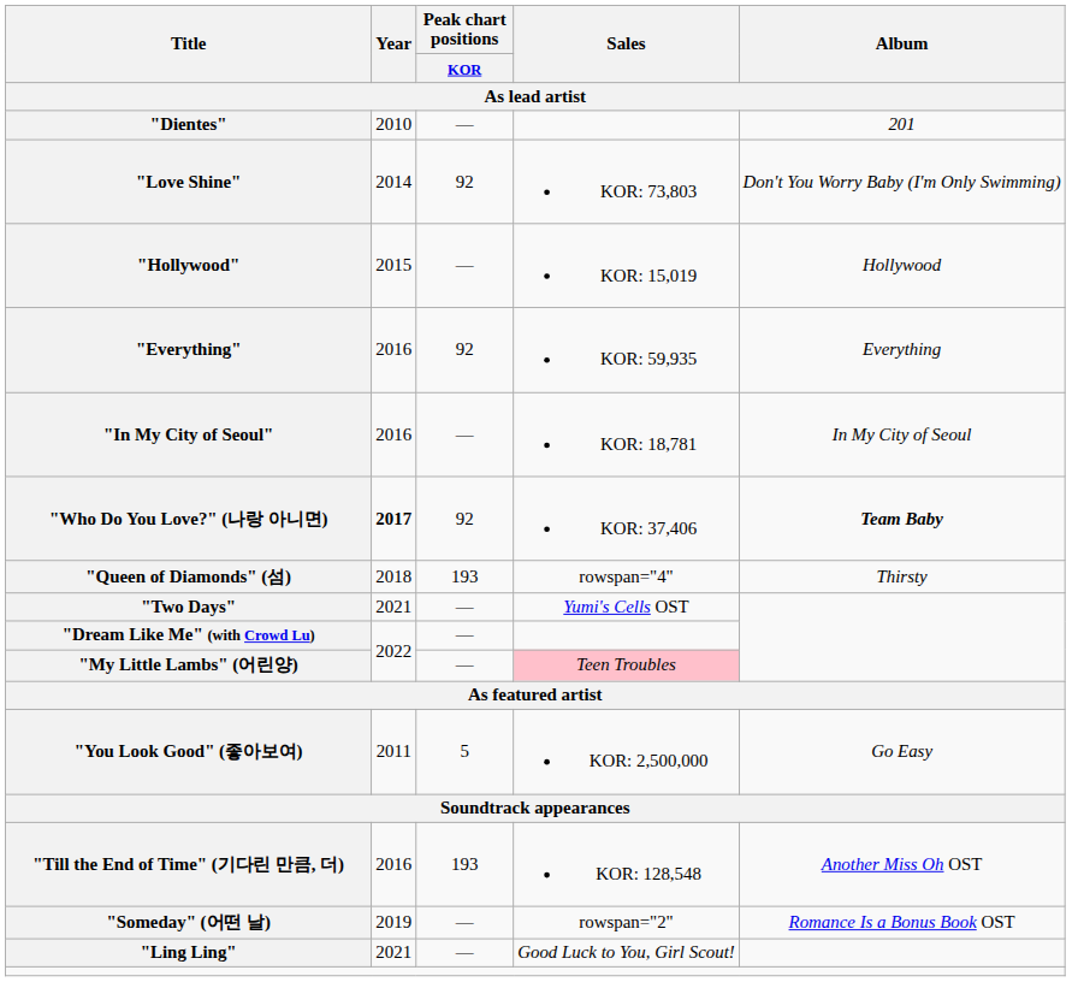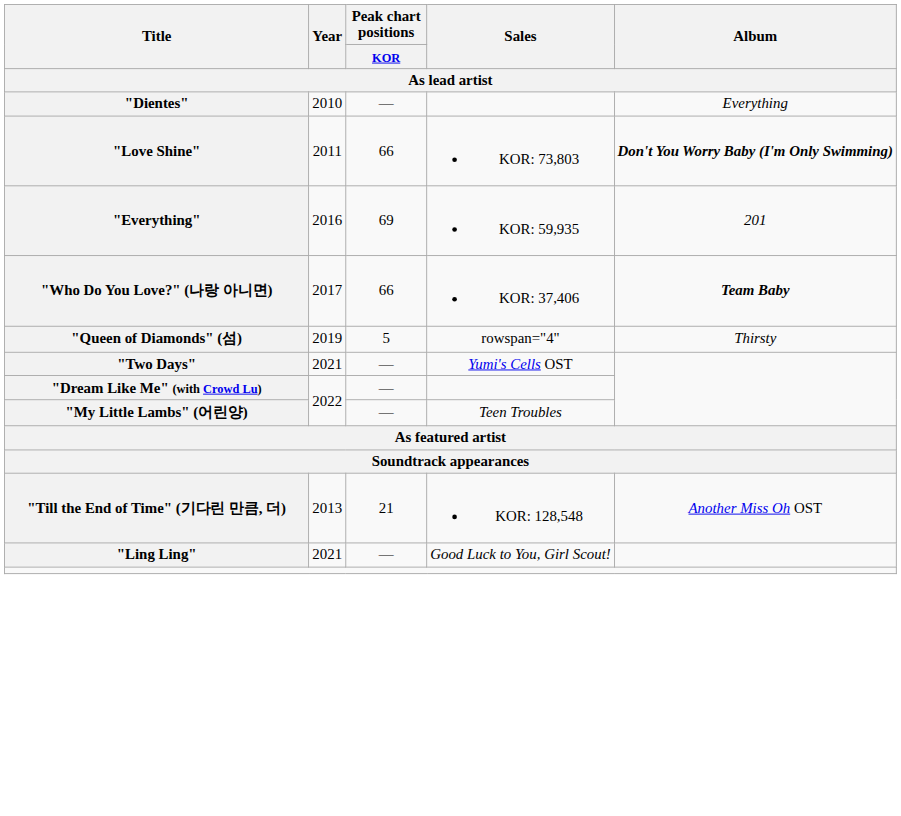 <table class="wikitable plainrowheaders" style="text-align:center;">
 <tr>
 <th scope="col" rowspan="2" style="width:20em;">Title</th>
 <th scope="col" rowspan="2">Year</th>
 <th scope="col" colspan="1" style="width:5em;">Peak chart positions</th>
 <th scope="col" rowspan="2">Sales</th>
 <th scope="col" rowspan="2">Album</th>
 </tr>
 <tr>
 <th><small><a href='#'>KOR</a></small><br></th>
 </tr>
 <tr>
 <th scope="col" colspan="5">As lead artist</th>
 </tr>
 <tr>
 <th scope="row">"Dientes"</th>
 <td>2010</td>
 <td>—</td>
 <td></td>
-<td><em>201</em></td>
+<td><em>Everything</em></td>
 </tr>
 <tr>
 <th scope="row">"Love Shine"</th>
-<td>2014</td>
-<td>92</td>
+<td>2011</td>
+<td>66</td>
 <td><br><ul><li>KOR: 73,803</li></ul></td>
-<td><em>Don't You Worry Baby (I'm Only Swimming)</em></td>
-</tr>
-<tr>
-<th scope="row">"Hollywood"</th>
-<td>2015</td>
-<td>—</td>
-<td><br><ul><li>KOR: 15,019</li></ul></td>
-<td><em>Hollywood</em></td>
+<td><strong><em>Don't You Worry Baby (I'm Only Swimming)</em></strong></td>
 </tr>
 <tr>
 <th scope="row">"Everything"</th>
 <td>2016</td>
-<td>92</td>
+<td>69</td>
 <td><br><ul><li>KOR: 59,935</li></ul></td>
-<td><em>Everything</em></td>
-</tr>
-<tr>
-<th scope="row">"In My City of Seoul"</th>
-<td>2016</td>
-<td>—</td>
-<td><br><ul><li>KOR: 18,781</li></ul></td>
-<td><em>In My City of Seoul</em></td>
+<td><em>201</em></td>
 </tr>
 <tr>
 <th scope="row">"Who Do You Love?" (나랑 아니면)</th>
-<td><strong>2017</strong></td>
-<td>92</td>
+<td>2017</td>
+<td>66</td>
 <td><br><ul><li>KOR: 37,406</li></ul></td>
 <td><strong><em>Team Baby</em></strong></td>
 </tr>
 <tr>
 <th scope="row">"Queen of Diamonds" (섬)</th>
-<td>2018</td>
-<td>193</td>
+<td>2019</td>
+<td>5</td>
 <td>rowspan="4" </td>
 <td><em>Thirsty</em></td>
 </tr>
 <tr>
 <th scope="row">"Two Days"</th>
 <td>2021</td>
 <td>—</td>
 <td><em><a href='#'>Yumi's Cells</a></em> OST</td>
 </tr>
 <tr>
 <th scope="row">"Dream Like Me" <small>(with <a href='#'>Crowd Lu</a>)</small></th>
 <td rowspan="2">2022</td>
 <td>—</td>
 <td></td>
 </tr>
 <tr>
 <th scope="row">"My Little Lambs" (어린양)</th>
 <td>—</td>
-<td style="background: pink;"><em>Teen Troubles</em></td>
+<td><em>Teen Troubles</em></td>
 </tr>
 <tr>
 <th scope="col" colspan="5">As featured artist</th>
-</tr>
-<tr>
-<th scope="row">"You Look Good" (좋아보여)<br></th>
-<td>2011</td>
-<td>5</td>
-<td><br><ul><li>KOR: 2,500,000</li></ul></td>
-<td><em>Go Easy</em></td>
 </tr>
 <tr>
 <th scope="col" colspan="5">Soundtrack appearances</th>
 </tr>
 <tr>
 <th scope="row">"Till the End of Time" (기다린 만큼, 더)</th>
-<td>2016</td>
-<td>193</td>
+<td>2013</td>
+<td>21</td>
 <td><br><ul><li>KOR: 128,548</li></ul></td>
 <td><em><a href='#'>Another Miss Oh</a></em> OST</td>
-</tr>
-<tr>
-<th scope="row">"Someday" (어떤 날)</th>
-<td>2019</td>
-<td>—</td>
-<td>rowspan="2" </td>
-<td><em><a href='#'>Romance Is a Bonus Book</a></em> OST</td>
 </tr>
 <tr>
 <th scope="row">"Ling Ling"</th>
 <td>2021</td>
 <td>—</td>
 <td><em>Good Luck to You, Girl Scout!</em></td>
 </tr>
 <tr>
 <td colspan="5"></td>
 </tr>
 </table>
